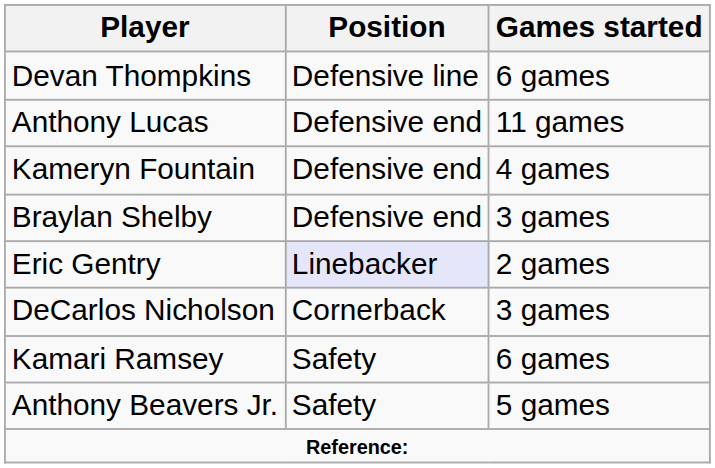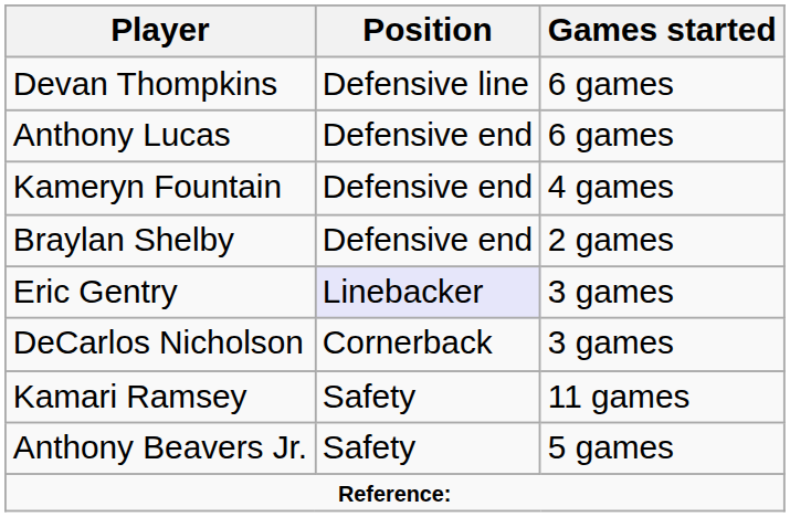 <table class="wikitable">
 <tr ;>
 <th style="text-align:center; ">Player</th>
 <th style="text-align:center; ">Position</th>
 <th style="text-align:center; ">Games started</th>
 </tr>
 <tr>
 <td>Devan Thompkins</td>
 <td>Defensive line</td>
 <td>6 games</td>
 </tr>
 <tr>
 <td>Anthony Lucas</td>
 <td>Defensive end</td>
-<td>11 games</td>
+<td>6 games</td>
 </tr>
 <tr>
 <td>Kameryn Fountain</td>
 <td>Defensive end</td>
 <td>4 games</td>
 </tr>
 <tr>
 <td>Braylan Shelby</td>
 <td>Defensive end</td>
-<td>3 games</td>
+<td>2 games</td>
 </tr>
 <tr>
 <td>Eric Gentry</td>
 <td style="background: lavender;">Linebacker</td>
-<td>2 games</td>
+<td>3 games</td>
 </tr>
 <tr>
 <td>DeCarlos Nicholson</td>
 <td>Cornerback</td>
 <td>3 games</td>
 </tr>
 <tr>
 <td>Kamari Ramsey</td>
 <td>Safety</td>
-<td>6 games</td>
+<td>11 games</td>
 </tr>
 <tr>
 <td>Anthony Beavers Jr.</td>
 <td>Safety</td>
 <td>5 games</td>
 </tr>
 <tr>
 <td colspan="4"  style="font-size:8pt; text-align:center;"><strong>Reference:</strong></td>
 </tr>
 </table>
